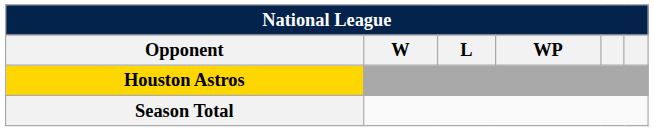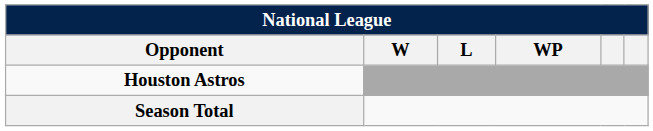 <table class="wikitable" style="margin:1em auto; font-size:95%; text-align:center; width:35em;">
 <tr>
 <th colspan="7" style="background:#03224c; color:#ffffff;">National League</th>
 </tr>
 <tr>
 <th>Opponent</th>
 <th>W</th>
 <th>L</th>
 <th>WP</th>
 <th></th>
 <th></th>
 </tr>
 <tr>
-<td style="background: gold;"><span><strong>Houston Astros</strong></span></td>
+<td><span><strong>Houston Astros</strong></span></td>
 <td colspan=5 style="background:darkgray;"></td>
 </tr>
 <tr>
 <th>Season Total</th>
 </tr>
 </table>
